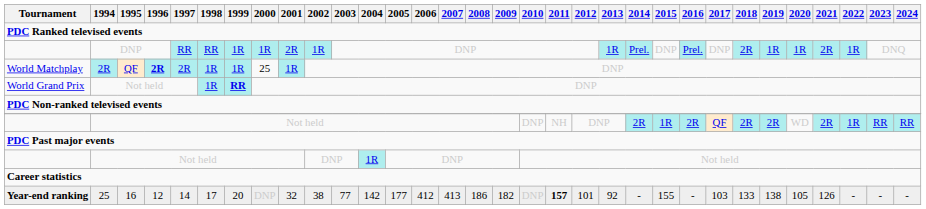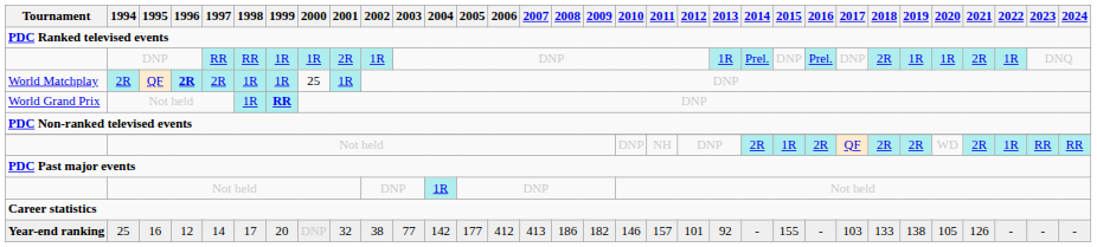 <table class=wikitable style=text-align:center;font-size:88%>
 <tr>
 <th>Tournament</th>
 <th>1994</th>
 <th>1995</th>
 <th>1996</th>
 <th>1997</th>
 <th>1998</th>
 <th>1999</th>
 <th>2000</th>
 <th>2001</th>
 <th>2002</th>
 <th>2003</th>
 <th>2004</th>
 <th>2005</th>
 <th>2006</th>
 <th><a href='#'>2007</a></th>
 <th><a href='#'>2008</a></th>
 <th><a href='#'>2009</a></th>
 <th><a href='#'>2010</a></th>
 <th><a href='#'>2011</a></th>
 <th><a href='#'>2012</a></th>
 <th><a href='#'>2013</a></th>
 <th><a href='#'>2014</a></th>
 <th><a href='#'>2015</a></th>
 <th><a href='#'>2016</a></th>
 <th><a href='#'>2017</a></th>
 <th><a href='#'>2018</a></th>
 <th><a href='#'>2019</a></th>
 <th><a href='#'>2020</a></th>
 <th><a href='#'>2021</a></th>
 <th><a href='#'>2022</a></th>
 <th><a href='#'>2023</a></th>
 <th><a href='#'>2024</a></th>
 </tr>
 <tr>
 <td colspan="32" align="left"><strong><a href='#'>PDC</a> Ranked televised events</strong></td>
 </tr>
 <tr>
 <td align=left></td>
 <td colspan="3" style="text-align:center; color:#ccc;">DNP</td>
 <td style="text-align:center; background:#afeeee;"><a href='#'>RR</a></td>
 <td style="text-align:center; background:#afeeee;"><a href='#'>RR</a></td>
 <td style="text-align:center; background:#afeeee;"><a href='#'>1R</a></td>
 <td style="text-align:center; background:#afeeee;"><a href='#'>1R</a></td>
 <td style="text-align:center; background:#afeeee;"><a href='#'>2R</a></td>
 <td style="text-align:center; background:#afeeee;"><a href='#'>1R</a></td>
 <td colspan="10" style="text-align:center; color:#ccc;">DNP</td>
 <td style="text-align:center; background:#afeeee;"><a href='#'>1R</a></td>
 <td style="text-align:center; background:#afeeee;"><a href='#'>Prel.</a></td>
 <td style="text-align:center; color:#ccc;">DNP</td>
 <td style="text-align:center; background:#afeeee;"><a href='#'>Prel.</a></td>
 <td style="text-align:center; color:#ccc;">DNP</td>
 <td style="text-align:center; background:#afeeee;"><a href='#'>2R</a></td>
 <td style="text-align:center; background:#afeeee;"><a href='#'>1R</a></td>
 <td style="text-align:center; background:#afeeee;"><a href='#'>1R</a></td>
 <td style="text-align:center; background:#afeeee;"><a href='#'>2R</a></td>
 <td style="text-align:center; background:#afeeee;"><a href='#'>1R</a></td>
 <td colspan="2" style="text-align:center; color:#ccc;">DNQ</td>
 </tr>
 <tr>
 <td align=left><a href='#'>World Matchplay</a></td>
 <td style="text-align:center; background:#afeeee;"><a href='#'>2R</a></td>
 <td style="text-align:center; background:#ffebcd;"><a href='#'>QF</a></td>
 <td style="text-align:center; background:#afeeee;"><strong><a href='#'>2R</a></strong></td>
 <td style="text-align:center; background:#afeeee;"><a href='#'>2R</a></td>
 <td style="text-align:center; background:#afeeee;"><a href='#'>1R</a></td>
 <td style="text-align:center; background:#afeeee;"><a href='#'>1R</a></td>
 <td style="text-align:center;">25</td>
 <td style="text-align:center; background:#afeeee;"><a href='#'>1R</a></td>
 <td colspan="23" style="text-align:center; color:#ccc;">DNP</td>
 </tr>
 <tr>
 <td align=left><a href='#'>World Grand Prix</a></td>
 <td colspan="4" style="text-align:center; color:#ccc;">Not held</td>
 <td style="text-align:center; background:#afeeee;"><a href='#'>1R</a></td>
 <td style="text-align:center; background:#afeeee;"><strong><a href='#'>RR</a></strong></td>
 <td colspan="25" style="text-align:center; color:#ccc;">DNP</td>
 </tr>
 <tr>
 <td colspan="32" align="left"><strong><a href='#'>PDC</a> Non-ranked televised events</strong></td>
 </tr>
 <tr>
 </tr>
 <tr>
 <td align=left></td>
 <td colspan="16" style="text-align:center; color:#ccc;">Not held</td>
 <td style="text-align:center; color:#ccc;">DNP</td>
 <td style="text-align:center; color:#ccc;">NH</td>
 <td colspan="2" style="text-align:center; color:#ccc;">DNP</td>
 <td style="text-align:center; background:#afeeee;"><a href='#'>2R</a></td>
 <td style="text-align:center; background:#afeeee;"><a href='#'>1R</a></td>
 <td style="text-align:center; background:#afeeee;"><a href='#'>2R</a></td>
 <td style="text-align:center; background:#ffebcd;"><a href='#'>QF</a></td>
 <td style="text-align:center; background:#afeeee;"><a href='#'>2R</a></td>
 <td style="text-align:center; background:#afeeee;"><a href='#'>2R</a></td>
 <td style="text-align:center; color:#ccc;">WD</td>
 <td style="text-align:center; background:#afeeee;"><a href='#'>2R</a></td>
 <td style="text-align:center; background:#afeeee;"><a href='#'>1R</a></td>
 <td style="text-align:center; background:#afeeee;"><a href='#'>RR</a></td>
 <td style="text-align:center; background:#afeeee;"><a href='#'>RR</a></td>
 </tr>
 <tr>
 <td colspan="32" align="left"><strong><a href='#'>PDC</a> Past major events</strong></td>
 </tr>
 <tr>
 <td align=left></td>
 <td colspan="8" style="text-align:center; color:#ccc;">Not held</td>
 <td colspan="2" style="text-align:center; color:#ccc;">DNP</td>
 <td style="text-align:center; background:#afeeee;"><a href='#'>1R</a></td>
 <td colspan="5" style="text-align:center; color:#ccc;">DNP</td>
 <td colspan="15" style="text-align:center; color:#ccc;">Not held</td>
 </tr>
 <tr>
 <td colspan="32" align="left"><strong>Career statistics</strong></td>
 </tr>
 <tr bgcolor="efefef">
 <td align="left"><strong>Year-end ranking</strong></td>
 <td style="text-align:center;">25</td>
 <td style="text-align:center;">16</td>
 <td style="text-align:center;">12</td>
 <td style="text-align:center;">14</td>
 <td style="text-align:center;">17</td>
 <td style="text-align:center;">20</td>
 <td style="text-align:center; color:#ccc;">DNP</td>
 <td style="text-align:center;">32</td>
 <td style="text-align:center;">38</td>
 <td style="text-align:center;">77</td>
 <td style="text-align:center;">142</td>
 <td style="text-align:center;">177</td>
 <td style="text-align:center;">412</td>
 <td style="text-align:center;">413</td>
 <td style="text-align:center;">186</td>
 <td style="text-align:center;">182</td>
-<td style="text-align:center; color:#ccc;">DNP</td>
-<td style="text-align:center;"><strong>157</strong></td>
+<td style="text-align:center;">146</td>
+<td style="text-align:center;">157</td>
 <td style="text-align:center;">101</td>
 <td style="text-align:center;">92</td>
 <td style="text-align:center;">-</td>
 <td style="text-align:center;">155</td>
 <td style="text-align:center;">-</td>
 <td style="text-align:center;">103</td>
 <td style="text-align:center;">133</td>
 <td style="text-align:center;">138</td>
 <td style="text-align:center;">105</td>
 <td style="text-align:center;">126</td>
 <td style="text-align:center;">-</td>
 <td style="text-align:center;">-</td>
 <td style="text-align:center;">-</td>
 </tr>
 </table>
